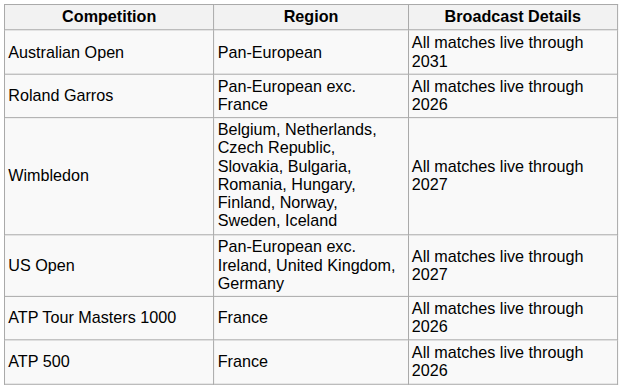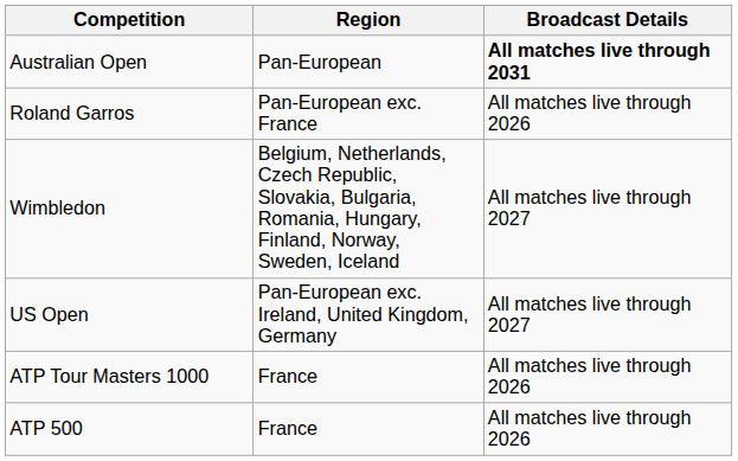 <table class="wikitable">
 <tr>
 <th width="200">Competition</th>
 <th>Region</th>
 <th width="200">Broadcast Details</th>
 </tr>
 <tr>
 <td>Australian Open</td>
 <td>Pan-European</td>
-<td>All matches live through 2031</td>
+<td><strong>All matches live through 2031</strong></td>
 </tr>
 <tr>
 <td>Roland Garros</td>
 <td>Pan-European exc. France</td>
 <td>All matches live through 2026</td>
 </tr>
 <tr>
 <td>Wimbledon</td>
 <td>Belgium, Netherlands, Czech Republic, Slovakia, Bulgaria, Romania, Hungary, Finland, Norway, Sweden, Iceland</td>
 <td>All matches live through 2027</td>
 </tr>
 <tr>
 <td>US Open</td>
 <td>Pan-European exc. Ireland, United Kingdom, Germany</td>
 <td>All matches live through 2027</td>
 </tr>
 <tr>
 <td>ATP Tour Masters 1000</td>
 <td>France</td>
 <td>All matches live through 2026</td>
 </tr>
 <tr>
 <td>ATP 500</td>
 <td>France</td>
 <td>All matches live through 2026</td>
 </tr>
 </table>
